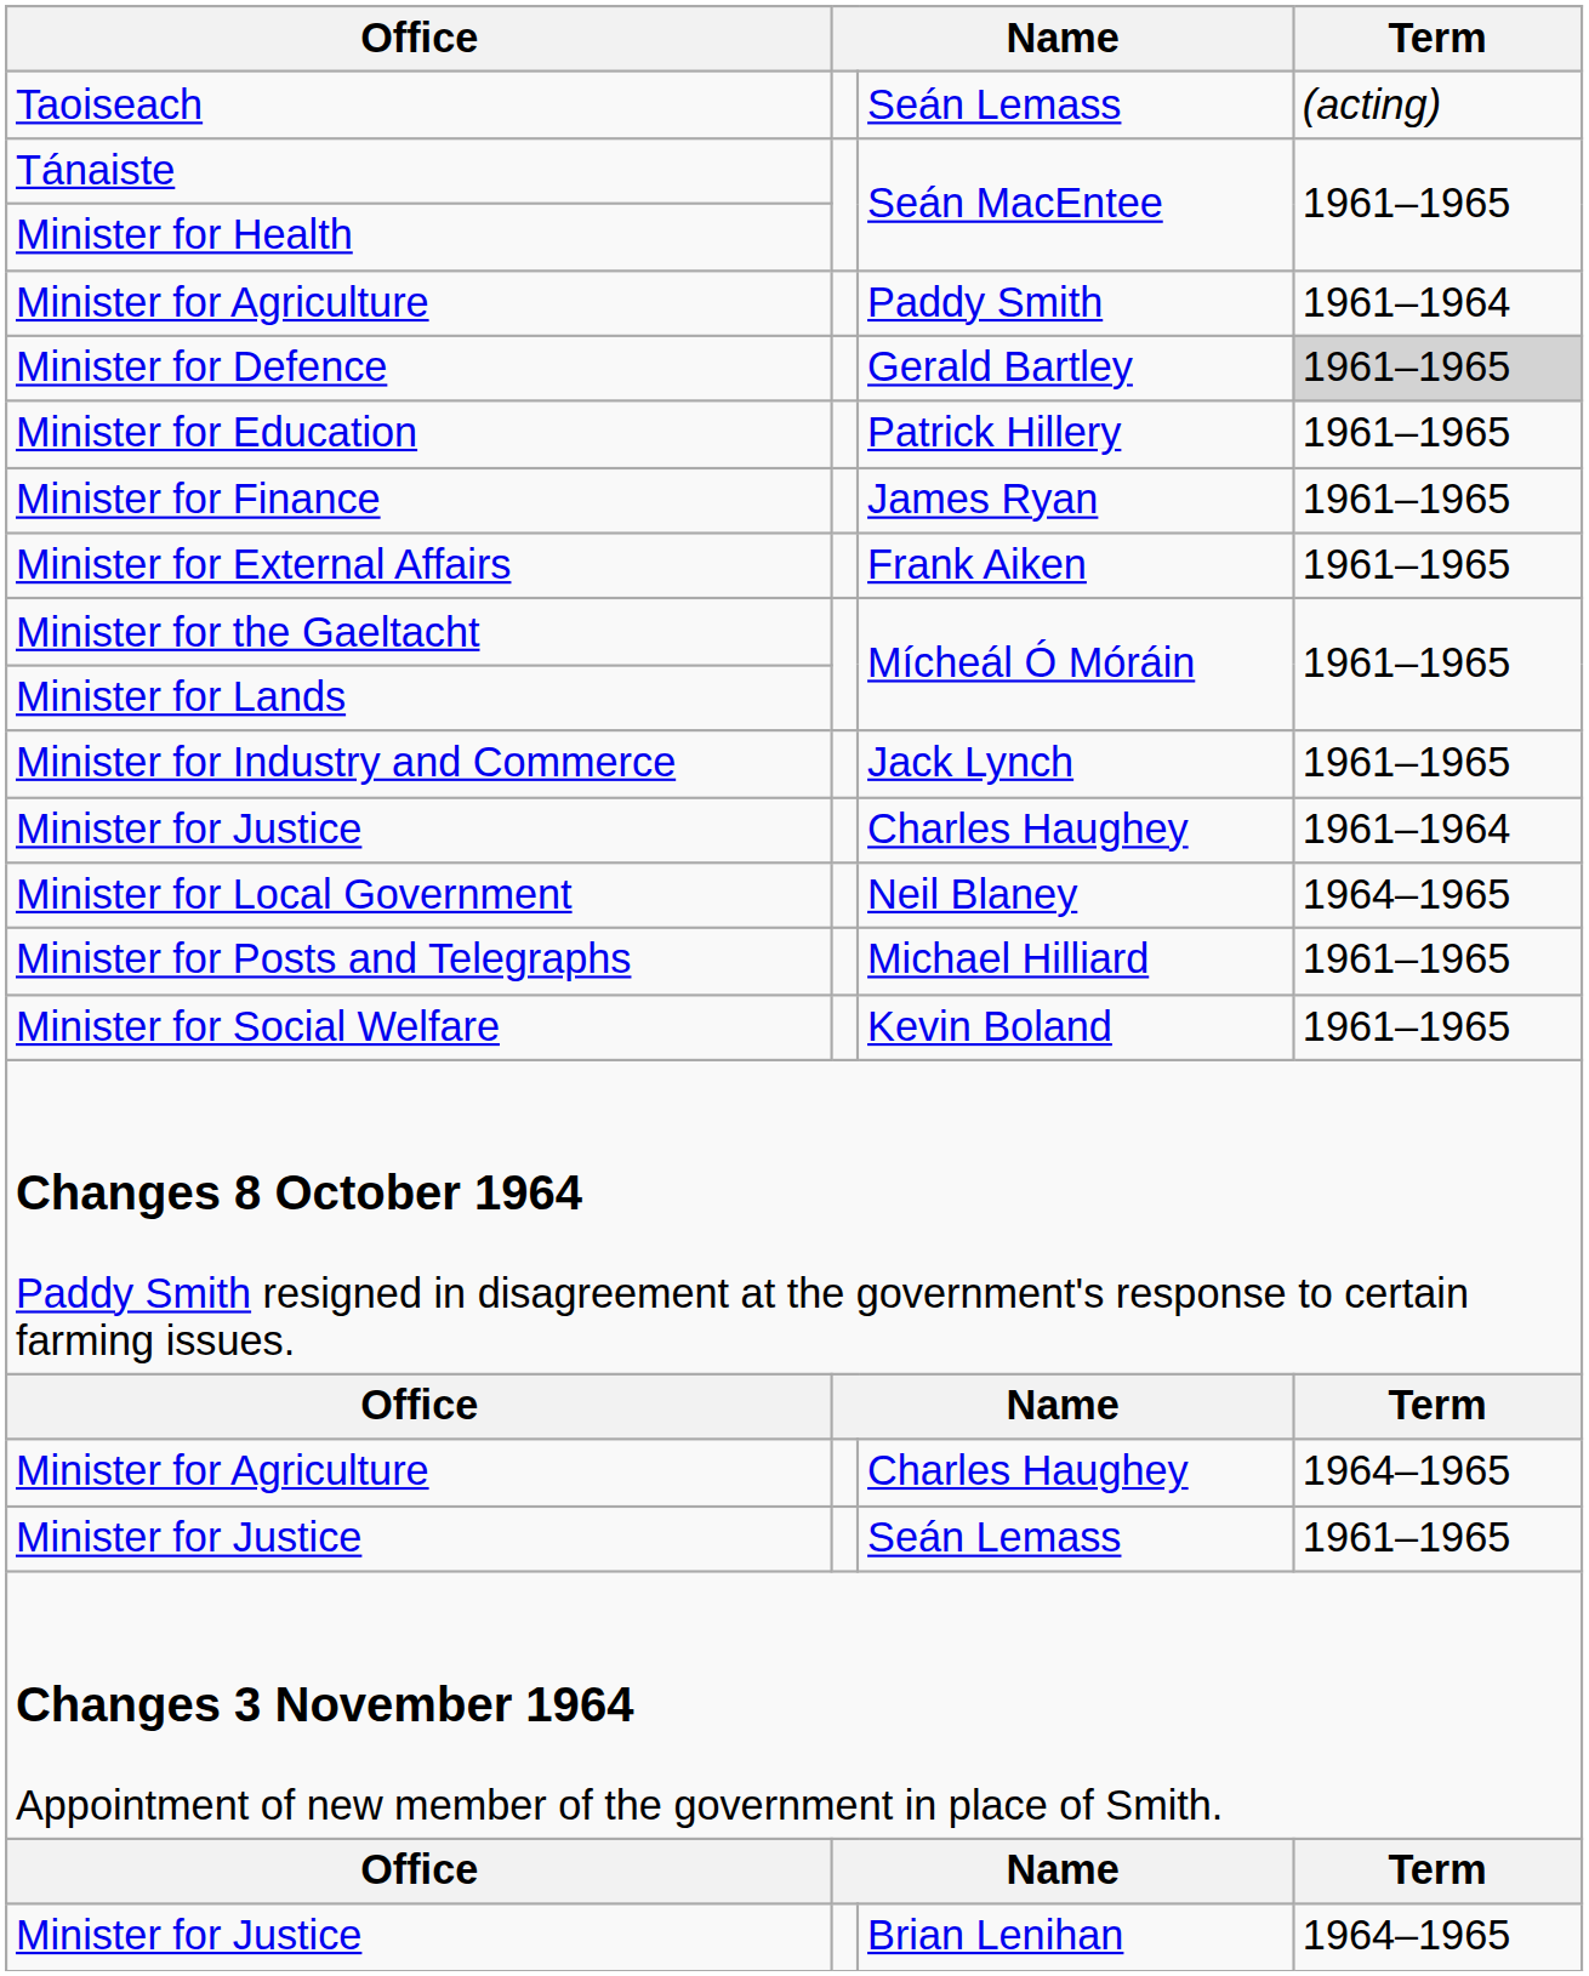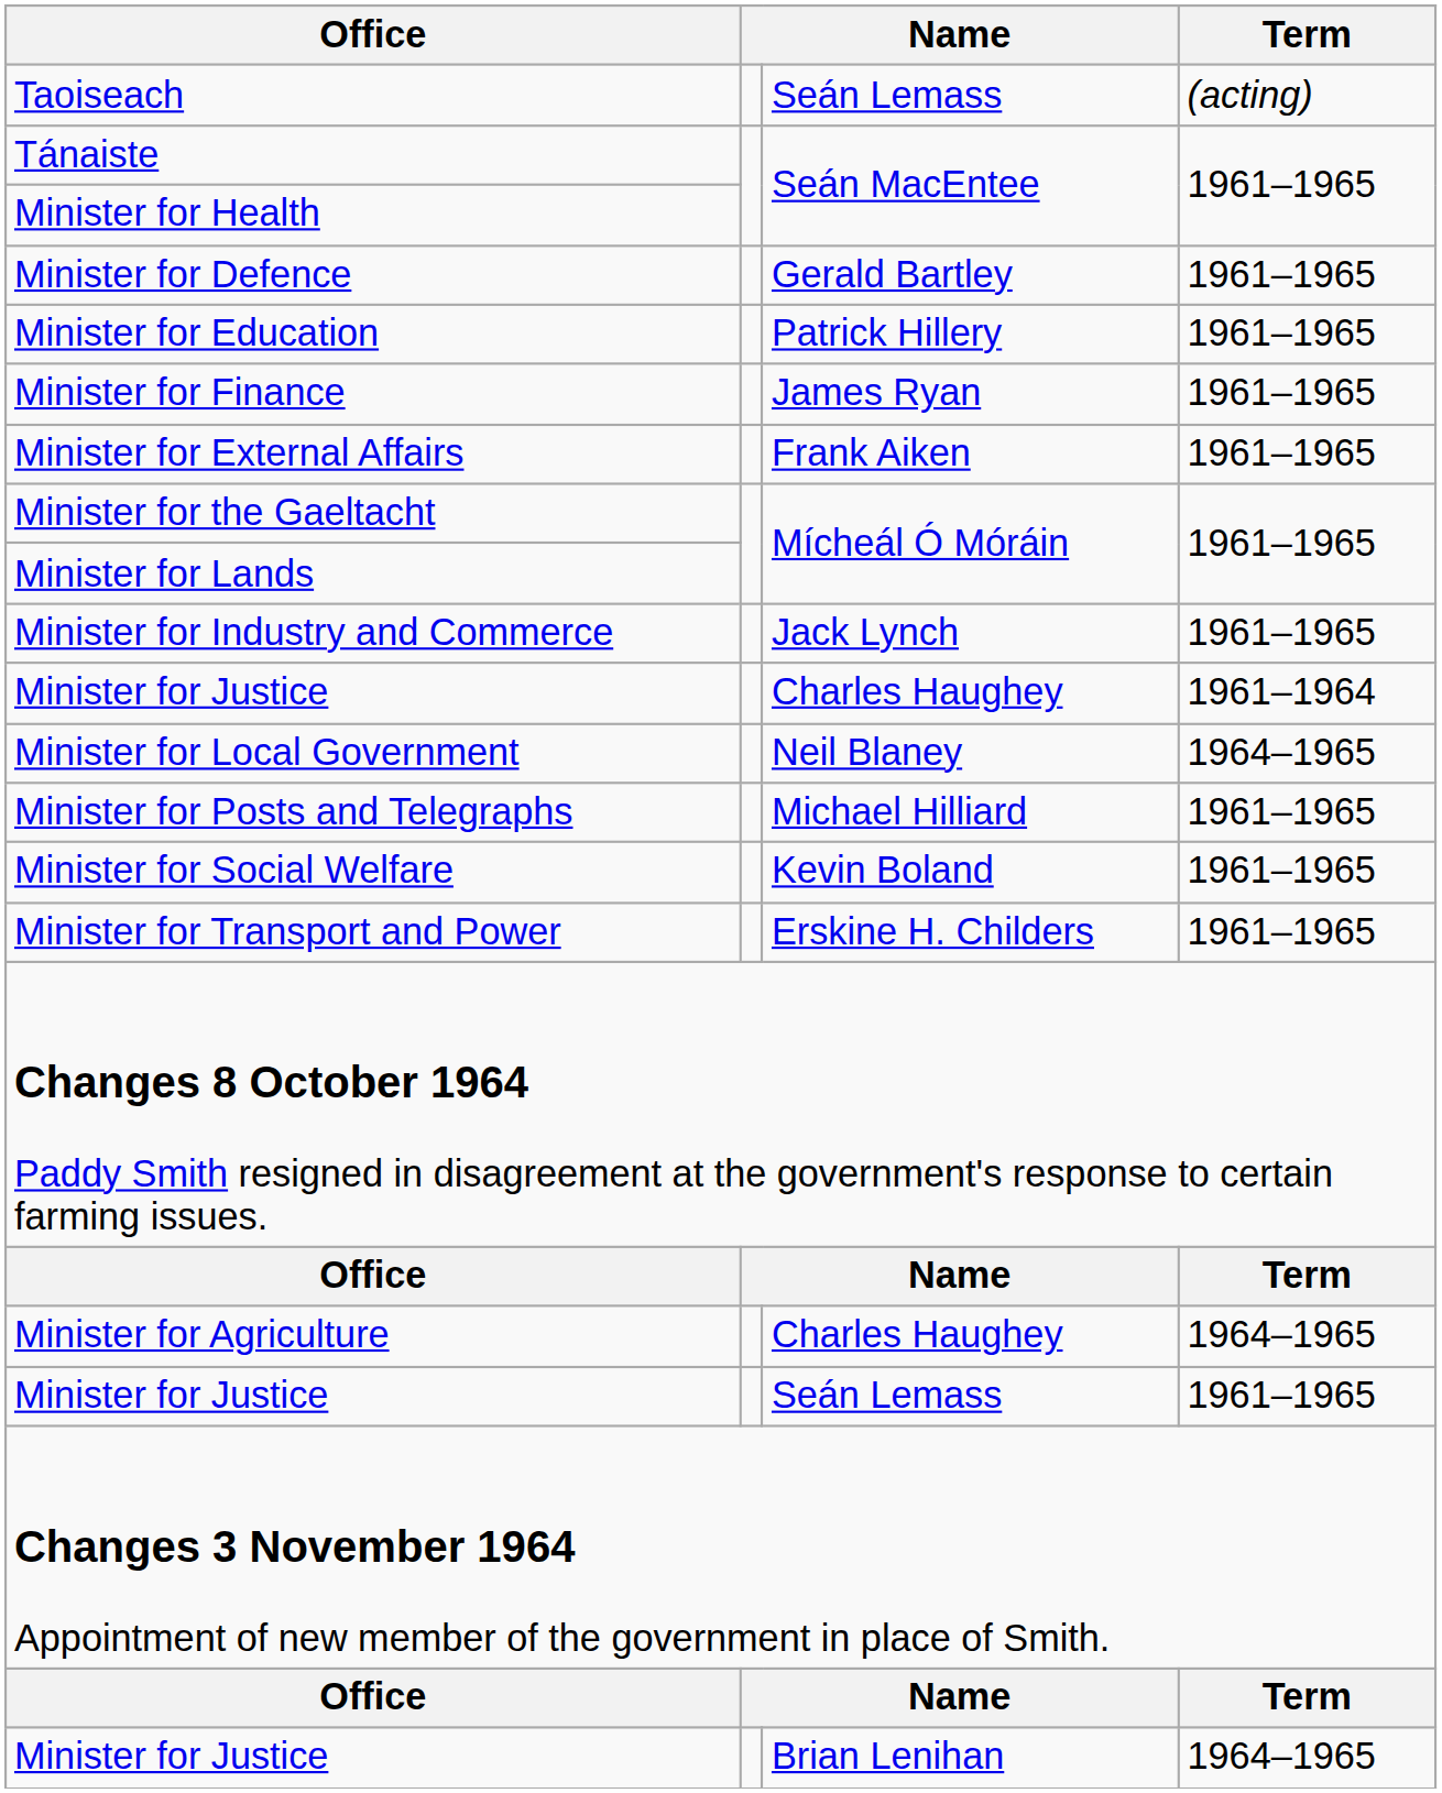 <table class="wikitable">
 <tr>
 <th>Office</th>
 <th colspan="2">Name</th>
 <th>Term</th>
 </tr>
 <tr>
 <td><a href='#'>Taoiseach</a></td>
 <td style="background-color: "></td>
 <td><a href='#'>Seán Lemass</a></td>
 <td><em>(acting)</em></td>
 </tr>
 <tr>
 <td><a href='#'>Tánaiste</a></td>
 <td rowspan=2 style="background-color: "></td>
 <td rowspan=2><a href='#'>Seán MacEntee</a></td>
 <td rowspan=2>1961–1965</td>
 </tr>
 <tr>
 <td><a href='#'>Minister for Health</a></td>
 </tr>
 <tr>
-<td><a href='#'>Minister for Agriculture</a></td>
-<td style="background-color: "></td>
-<td><a href='#'>Paddy Smith</a></td>
-<td>1961–1964</td>
-</tr>
-<tr>
 <td><a href='#'>Minister for Defence</a></td>
 <td style="background-color: "></td>
 <td><a href='#'>Gerald Bartley</a></td>
-<td style="background: lightgrey;">1961–1965</td>
+<td>1961–1965</td>
 </tr>
 <tr>
 <td><a href='#'>Minister for Education</a></td>
 <td style="background-color: "></td>
 <td><a href='#'>Patrick Hillery</a></td>
 <td>1961–1965</td>
 </tr>
 <tr>
 <td><a href='#'>Minister for Finance</a></td>
 <td style="background-color: "></td>
 <td><a href='#'>James Ryan</a></td>
 <td>1961–1965</td>
 </tr>
 <tr>
 <td><a href='#'>Minister for External Affairs</a></td>
 <td style="background-color: "></td>
 <td><a href='#'>Frank Aiken</a></td>
 <td>1961–1965</td>
 </tr>
 <tr>
 <td><a href='#'>Minister for the Gaeltacht</a></td>
 <td rowspan=2 style="background-color: "></td>
 <td rowspan=2><a href='#'>Mícheál Ó Móráin</a></td>
 <td rowspan=2>1961–1965</td>
 </tr>
 <tr>
 <td><a href='#'>Minister for Lands</a></td>
 </tr>
 <tr>
 <td><a href='#'>Minister for Industry and Commerce</a></td>
 <td style="background-color: "></td>
 <td><a href='#'>Jack Lynch</a></td>
 <td>1961–1965</td>
 </tr>
 <tr>
 <td><a href='#'>Minister for Justice</a></td>
 <td style="background-color: "></td>
 <td><a href='#'>Charles Haughey</a></td>
 <td>1961–1964</td>
 </tr>
 <tr>
 <td><a href='#'>Minister for Local Government</a></td>
 <td style="background-color: "></td>
 <td><a href='#'>Neil Blaney</a></td>
 <td>1964–1965</td>
 </tr>
 <tr>
 <td><a href='#'>Minister for Posts and Telegraphs</a></td>
 <td style="background-color: "></td>
 <td><a href='#'>Michael Hilliard</a></td>
 <td>1961–1965</td>
 </tr>
 <tr>
 <td><a href='#'>Minister for Social Welfare</a></td>
 <td style="background-color: "></td>
 <td><a href='#'>Kevin Boland</a></td>
 <td>1961–1965</td>
 </tr>
 <tr>
+<td><a href='#'>Minister for Transport and Power</a></td>
+<td style="background-color: "></td>
+<td><a href='#'>Erskine H. Childers</a></td>
+<td>1961–1965</td>
+</tr>
+<tr>
 <td colspan="4"><br><h3>Changes 8 October 1964</h3><a href='#'>Paddy Smith</a> resigned in disagreement at the government's response to certain farming issues.</td>
 </tr>
 <tr>
 <th>Office</th>
 <th colspan="2">Name</th>
 <th>Term</th>
 </tr>
 <tr>
 <td><a href='#'>Minister for Agriculture</a></td>
 <td style="background-color: "></td>
 <td><a href='#'>Charles Haughey</a></td>
 <td>1964–1965</td>
 </tr>
 <tr>
 <td><a href='#'>Minister for Justice</a></td>
 <td style="background-color: "></td>
 <td><a href='#'>Seán Lemass</a></td>
 <td>1961–1965</td>
 </tr>
 <tr>
 <td colspan="4"><br><h3>Changes 3 November 1964</h3>Appointment of new member of the government in place of Smith.</td>
 </tr>
 <tr>
 <th>Office</th>
 <th colspan="2">Name</th>
 <th>Term</th>
 </tr>
 <tr>
 <td><a href='#'>Minister for Justice</a></td>
 <td style="background-color: "></td>
 <td><a href='#'>Brian Lenihan</a></td>
 <td>1964–1965</td>
 </tr>
 </table>
